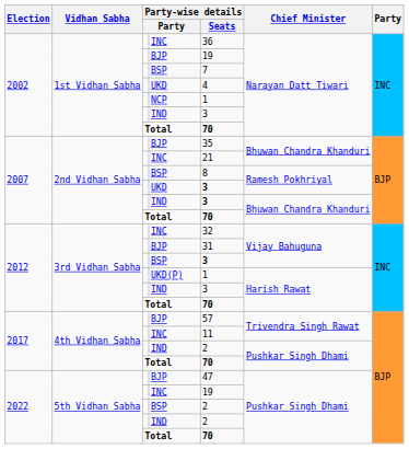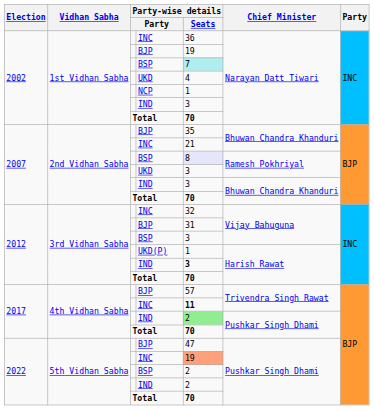 <table class="wikitable sortable">
 <tr>
 <th rowspan="2"><a href='#'>Election</a></th>
 <th rowspan="2"><a href='#'>Vidhan Sabha</a></th>
 <th colspan="3">Party-wise details</th>
 <th rowspan="2"><a href='#'>Chief Minister</a></th>
 <th rowspan="2">Party</th>
 </tr>
 <tr>
 <th colspan="2">Party</th>
 <th><a href='#'>Seats</a></th>
 </tr>
 <tr>
 <td rowspan="7"><a href='#'>2002</a></td>
 <td rowspan="7"><a href='#'>1st Vidhan Sabha</a></td>
 <td style="background-color: "></td>
 <td><a href='#'>INC</a></td>
 <td>36</td>
 <td rowspan="7"><a href='#'>Narayan Datt Tiwari</a></td>
 <td rowspan="7"; bgcolor=#00BFFF>INC</td>
 </tr>
 <tr>
 <td style="background-color: "></td>
 <td><a href='#'>BJP</a></td>
 <td>19</td>
 </tr>
 <tr>
 <td style="background-color: "></td>
 <td><a href='#'>BSP</a></td>
-<td>7</td>
+<td style="background: paleturquoise;">7</td>
 </tr>
 <tr>
 <td style="background-color: "></td>
 <td><a href='#'>UKD</a></td>
 <td>4</td>
 </tr>
 <tr>
 <td style="background-color: "></td>
 <td><a href='#'>NCP</a></td>
 <td>1</td>
 </tr>
 <tr>
 <td style="background-color: "></td>
 <td><a href='#'>IND</a></td>
 <td>3</td>
 </tr>
 <tr>
 <td colspan="2"><strong>Total</strong></td>
 <td><strong>70</strong></td>
 </tr>
 <tr>
 <td rowspan="6"><a href='#'>2007</a></td>
 <td rowspan="6"><a href='#'>2nd Vidhan Sabha</a></td>
 <td style="background-color: "></td>
 <td><a href='#'>BJP</a></td>
 <td>35</td>
 <td rowspan="2"><a href='#'>Bhuwan Chandra Khanduri</a><br></td>
 <td rowspan="6"; bgcolor=#FF9933>BJP</td>
 </tr>
 <tr>
 <td style="background-color: "></td>
 <td><a href='#'>INC</a></td>
 <td>21</td>
 </tr>
 <tr>
 <td style="background-color: "></td>
 <td><a href='#'>BSP</a></td>
-<td>8</td>
+<td style="background: lavender;">8</td>
 <td rowspan="2"><a href='#'>Ramesh Pokhriyal</a><br></td>
 </tr>
 <tr>
 <td style="background-color: "></td>
 <td><a href='#'>UKD</a></td>
-<td><strong>3</strong></td>
+<td>3</td>
 </tr>
 <tr>
 <td style="background-color: "></td>
 <td><a href='#'>IND</a></td>
-<td><strong>3</strong></td>
+<td>3</td>
 <td rowspan="2"><a href='#'>Bhuwan Chandra Khanduri</a><br></td>
 </tr>
 <tr>
 <td colspan="2"><strong>Total</strong></td>
 <td><strong>70</strong></td>
 </tr>
 <tr>
 <td rowspan="6"><a href='#'>2012</a></td>
 <td rowspan="6"><a href='#'>3rd Vidhan Sabha</a></td>
 <td style="background-color: "></td>
 <td><a href='#'>INC</a></td>
 <td>32</td>
 <td rowspan="3"><a href='#'>Vijay Bahuguna</a><br></td>
 <td rowspan="6"; bgcolor=#00BFFF>INC</td>
 </tr>
 <tr>
 <td style="background-color: "></td>
 <td><a href='#'>BJP</a></td>
 <td>31</td>
 </tr>
 <tr>
 <td style="background-color: "></td>
 <td><a href='#'>BSP</a></td>
-<td><strong>3</strong></td>
+<td>3</td>
 </tr>
 <tr>
 <td style="background-color: "></td>
 <td><a href='#'>UKD(P)</a></td>
 <td>1</td>
 <td rowspan="3"><a href='#'>Harish Rawat</a><br></td>
 </tr>
 <tr>
 <td style="background-color: "></td>
 <td><a href='#'>IND</a></td>
-<td>3</td>
+<td><strong>3</strong></td>
 </tr>
 <tr>
 <td colspan="2"><strong>Total</strong></td>
 <td><strong>70</strong></td>
 </tr>
 <tr>
 <td rowspan="4"><a href='#'>2017</a></td>
 <td rowspan="4"><a href='#'>4th Vidhan Sabha</a></td>
 <td style="background-color: "></td>
 <td><a href='#'>BJP</a></td>
 <td>57</td>
 <td rowspan="2"><a href='#'>Trivendra Singh Rawat</a><br></td>
 <td rowspan="9"; bgcolor=#FF9933>BJP</td>
 </tr>
 <tr>
 <td style="background-color: "></td>
 <td><a href='#'>INC</a></td>
-<td>11</td>
+<td><strong>11</strong></td>
 </tr>
 <tr>
 <td style="background-color: "></td>
 <td><a href='#'>IND</a></td>
-<td>2</td>
+<td style="background: lightgreen;">2</td>
 <td Rowspan="2"><a href='#'>Pushkar Singh Dhami</a><br></td>
 </tr>
 <tr>
 <td colspan="2"><strong>Total</strong></td>
 <td><strong>70</strong></td>
 </tr>
 <tr>
 <td rowspan="5"><a href='#'>2022</a></td>
 <td rowspan="5"><a href='#'>5th Vidhan Sabha</a></td>
 <td style="background-color: "></td>
 <td><a href='#'>BJP</a></td>
 <td>47</td>
 <td rowspan="5"><a href='#'>Pushkar Singh Dhami</a><br></td>
 </tr>
 <tr>
 <td style="background-color: "></td>
 <td><a href='#'>INC</a></td>
-<td>19</td>
+<td style="background: lightsalmon;">19</td>
 </tr>
 <tr>
 <td style="background-color: "></td>
 <td><a href='#'>BSP</a></td>
 <td>2</td>
 </tr>
 <tr>
 <td style="background-color: "></td>
 <td><a href='#'>IND</a></td>
 <td>2</td>
 </tr>
 <tr>
 <td colspan="2"><strong>Total</strong></td>
 <td><strong>70</strong></td>
 </tr>
 </table>
